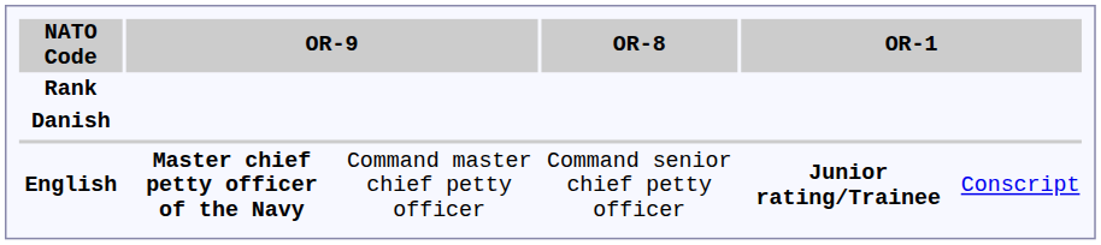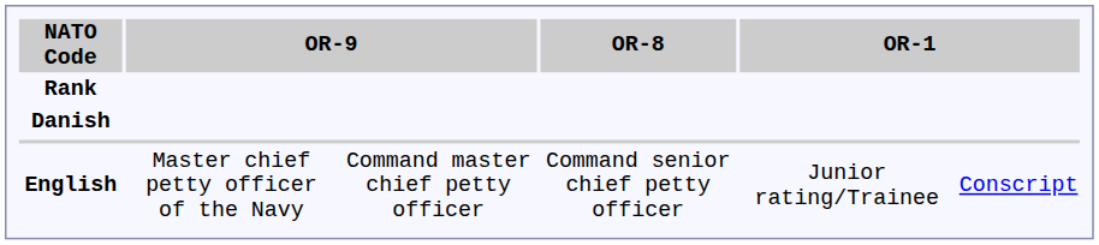 <table style="border:1px solid #8888aa; background-color:#f7f8ff; padding:5px; font-size:95%; margin: 0px 12px 12px 0px;">
 <tr style="background-color:#CCCCCC; text-align:center;">
 <th>NATO Code</th>
 <th colspan=2>OR-9</th>
 <th>OR-8</th>
 <th colspan=2>OR-1</th>
 </tr>
 <tr style="text-align:center;">
 <td><strong>Rank</strong></td>
 <td></td>
 <td></td>
 <td></td>
 <td></td>
 <td></td>
 </tr>
 <tr style="text-align:center;">
 <th>Danish</th>
 <td></td>
 <td></td>
 <td></td>
 <td></td>
 <td></td>
 </tr>
 <tr style="background:#ccc;">
 <td colspan=10></td>
 </tr>
 <tr style="text-align:center;">
 <th>English</th>
-<td><strong>Master chief petty officer of the Navy</strong></td>
+<td>Master chief petty officer of the Navy</td>
 <td>Command master chief petty officer</td>
 <td>Command senior chief petty officer</td>
-<td><strong>Junior rating/Trainee</strong></td>
+<td>Junior rating/Trainee</td>
 <td><a href='#'>Conscript</a></td>
 </tr>
 </table>
